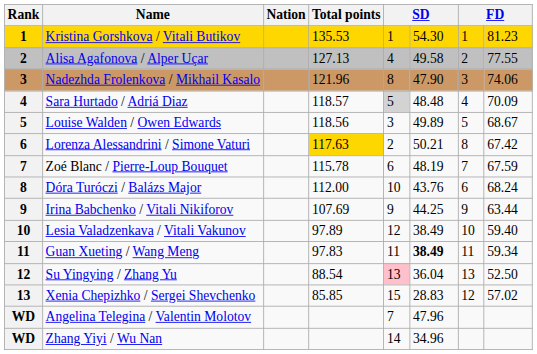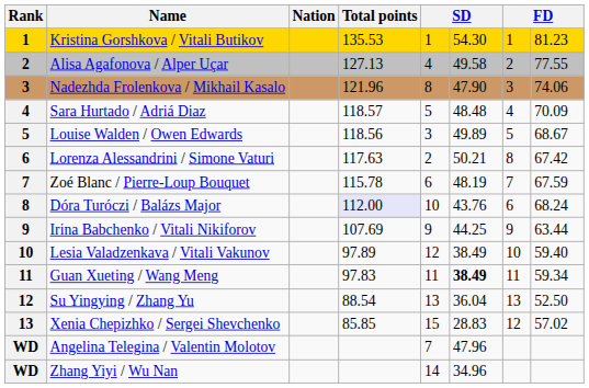 <table class="wikitable">
 <tr>
 <th>Rank</th>
 <th>Name</th>
 <th>Nation</th>
 <th>Total points</th>
 <th colspan="2" width="80px"><a href='#'>SD</a></th>
 <th colspan="2" width="80px"><a href='#'>FD</a></th>
 </tr>
 <tr bgcolor="gold">
 <td align="center"><strong>1</strong></td>
 <td><a href='#'>Kristina Gorshkova</a> / <a href='#'>Vitali Butikov</a></td>
 <td></td>
 <td>135.53</td>
 <td>1</td>
 <td>54.30</td>
 <td>1</td>
 <td>81.23</td>
 </tr>
 <tr bgcolor="silver">
 <td align="center" bgcolor="silver"><strong>2</strong></td>
 <td><a href='#'>Alisa Agafonova</a> / <a href='#'>Alper Uçar</a></td>
 <td></td>
 <td>127.13</td>
 <td>4</td>
 <td>49.58</td>
 <td>2</td>
 <td>77.55</td>
 </tr>
 <tr bgcolor="cc9966">
 <td align="center" bgcolor="cc9966"><strong>3</strong></td>
 <td><a href='#'>Nadezhda Frolenkova</a> / <a href='#'>Mikhail Kasalo</a></td>
 <td></td>
 <td>121.96</td>
 <td>8</td>
 <td>47.90</td>
 <td>3</td>
 <td>74.06</td>
 </tr>
 <tr>
 <th>4</th>
 <td><a href='#'>Sara Hurtado</a> / <a href='#'>Adriá Diaz</a></td>
 <td></td>
 <td>118.57</td>
-<td style="background: lightgrey;">5</td>
+<td>5</td>
 <td>48.48</td>
 <td>4</td>
 <td>70.09</td>
 </tr>
 <tr>
 <th>5</th>
 <td><a href='#'>Louise Walden</a> / <a href='#'>Owen Edwards</a></td>
 <td></td>
 <td>118.56</td>
 <td>3</td>
 <td>49.89</td>
 <td>5</td>
 <td>68.67</td>
 </tr>
 <tr>
 <th>6</th>
 <td><a href='#'>Lorenza Alessandrini</a> / <a href='#'>Simone Vaturi</a></td>
 <td></td>
-<td style="background: gold;">117.63</td>
+<td>117.63</td>
 <td>2</td>
 <td>50.21</td>
 <td>8</td>
 <td>67.42</td>
 </tr>
 <tr>
 <th>7</th>
 <td>Zoé Blanc / <a href='#'>Pierre-Loup Bouquet</a></td>
 <td></td>
 <td>115.78</td>
 <td>6</td>
 <td>48.19</td>
 <td>7</td>
 <td>67.59</td>
 </tr>
 <tr>
 <th>8</th>
 <td><a href='#'>Dóra Turóczi</a> / <a href='#'>Balázs Major</a></td>
 <td></td>
-<td>112.00</td>
+<td style="background: lavender;">112.00</td>
 <td>10</td>
 <td>43.76</td>
 <td>6</td>
 <td>68.24</td>
 </tr>
 <tr>
 <th>9</th>
 <td><a href='#'>Irina Babchenko</a> / <a href='#'>Vitali Nikiforov</a></td>
 <td></td>
 <td>107.69</td>
 <td>9</td>
 <td>44.25</td>
 <td>9</td>
 <td>63.44</td>
 </tr>
 <tr>
 <th>10</th>
 <td><a href='#'>Lesia Valadzenkava</a> / <a href='#'>Vitali Vakunov</a></td>
 <td></td>
 <td>97.89</td>
 <td>12</td>
 <td>38.49</td>
 <td>10</td>
 <td>59.40</td>
 </tr>
 <tr>
 <th>11</th>
 <td><a href='#'>Guan Xueting</a> / <a href='#'>Wang Meng</a></td>
 <td></td>
 <td>97.83</td>
 <td>11</td>
 <td><strong>38.49</strong></td>
 <td>11</td>
 <td>59.34</td>
 </tr>
 <tr>
 <th>12</th>
 <td><a href='#'>Su Yingying</a> / <a href='#'>Zhang Yu</a></td>
 <td></td>
 <td>88.54</td>
-<td style="background: pink;">13</td>
+<td>13</td>
 <td>36.04</td>
 <td>13</td>
 <td>52.50</td>
 </tr>
 <tr>
 <th>13</th>
 <td><a href='#'>Xenia Chepizhko</a> / <a href='#'>Sergei Shevchenko</a></td>
 <td></td>
 <td>85.85</td>
 <td>15</td>
 <td>28.83</td>
 <td>12</td>
 <td>57.02</td>
 </tr>
 <tr>
 <th>WD</th>
 <td><a href='#'>Angelina Telegina</a> / <a href='#'>Valentin Molotov</a></td>
 <td></td>
 <td></td>
 <td>7</td>
 <td>47.96</td>
 <td></td>
 <td></td>
 </tr>
 <tr>
 <th>WD</th>
 <td><a href='#'>Zhang Yiyi</a> / <a href='#'>Wu Nan</a></td>
 <td></td>
 <td></td>
 <td>14</td>
 <td>34.96</td>
 <td></td>
 <td></td>
 </tr>
 </table>
